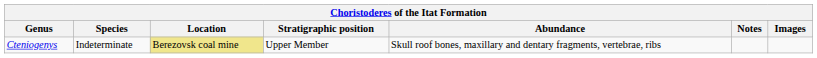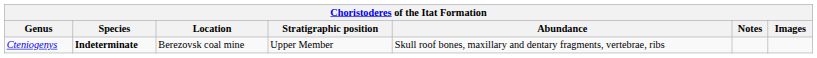 <table class="wikitable" align="center" width="100%">
 <tr>
 <th colspan="7" align="center"><a href='#'>Choristoderes</a> of the Itat Formation</th>
 </tr>
 <tr>
 <th>Genus</th>
 <th>Species</th>
 <th>Location</th>
 <th>Stratigraphic position</th>
 <th>Abundance</th>
 <th>Notes</th>
 <th>Images</th>
 </tr>
 <tr>
 <td><em><a href='#'>Cteniogenys</a></em></td>
-<td>Indeterminate</td>
-<td style="background: khaki;">Berezovsk coal mine</td>
+<td><strong>Indeterminate</strong></td>
+<td>Berezovsk coal mine</td>
 <td>Upper Member</td>
 <td>Skull roof bones, maxillary and dentary fragments, vertebrae, ribs</td>
 <td></td>
 <td></td>
 </tr>
 </table>
